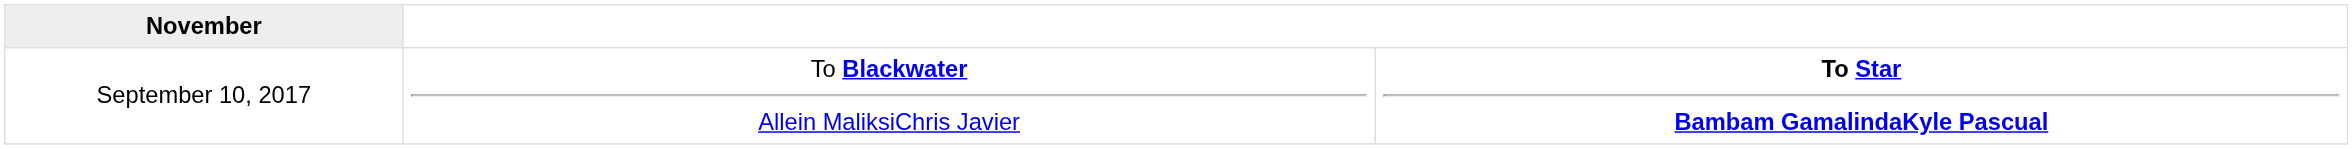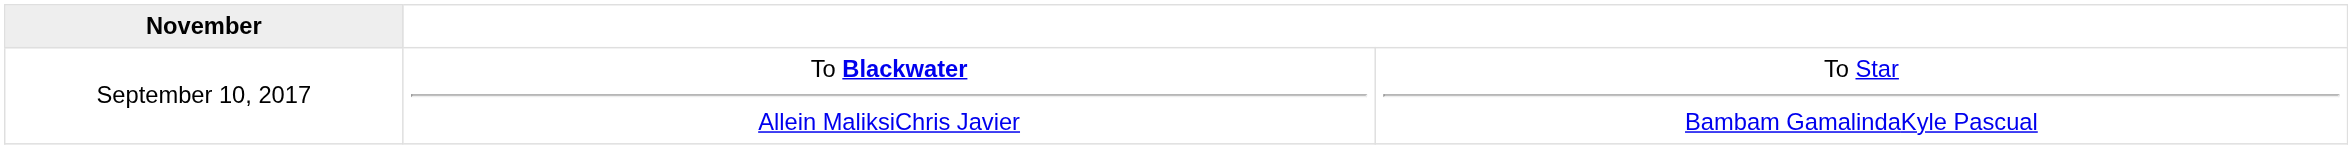 <table border=1 style="border-collapse:collapse; text-align: center; width: 100%" bordercolor="#DFDFDF"  cellpadding="5">
 <tr bgcolor="eeeeee">
 <th>November</th>
 </tr>
 <tr>
 <td style="width:12%">September 10, 2017</td>
 <td style="width:29.3%" valign="top">To <strong><a href='#'>Blackwater</a></strong><hr><a href='#'>Allein Maliksi</a><a href='#'>Chris Javier</a></td>
-<td style="width:29.3%" valign="top"><strong>To <a href='#'>Star</a><hr><a href='#'>Bambam Gamalinda</a><a href='#'>Kyle Pascual</a></strong></td>
+<td style="width:29.3%" valign="top">To <a href='#'>Star</a><hr><a href='#'>Bambam Gamalinda</a><a href='#'>Kyle Pascual</a></td>
 </tr>
 </table>
